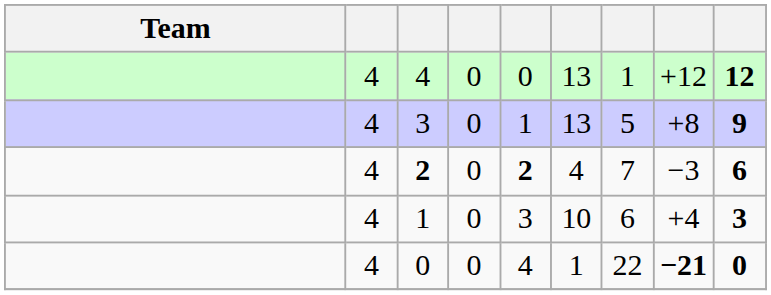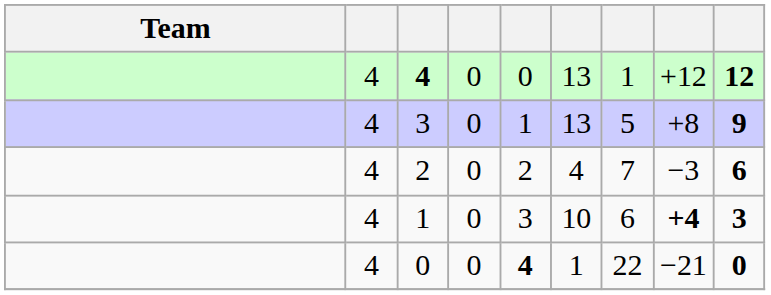 <table class="wikitable" style="text-align:center">
 <tr>
 <th width=175>Team</th>
 <th style="width:20px;" abbr="Played"></th>
 <th style="width:20px;" abbr="Won"></th>
 <th style="width:20px;" abbr="Drawn"></th>
 <th style="width:20px;" abbr="Lost"></th>
 <th style="width:20px;" abbr="Goals for"></th>
 <th style="width:20px;" abbr="Goals against"></th>
 <th style="width:20px;" abbr="Goal difference"></th>
 <th style="width:20px;" abbr="Points"></th>
 </tr>
 <tr bgcolor=ccffcc>
 <td align="left"></td>
 <td>4</td>
-<td>4</td>
+<td><strong>4</strong></td>
 <td>0</td>
 <td>0</td>
 <td>13</td>
 <td>1</td>
 <td>+12</td>
 <td><strong>12</strong></td>
 </tr>
 <tr bgcolor=ccccff>
 <td align="left"></td>
 <td>4</td>
 <td>3</td>
 <td>0</td>
 <td>1</td>
 <td>13</td>
 <td>5</td>
 <td>+8</td>
 <td><strong>9</strong></td>
 </tr>
 <tr bgcolor=>
 <td align="left"></td>
 <td>4</td>
-<td><strong>2</strong></td>
+<td>2</td>
 <td>0</td>
-<td><strong>2</strong></td>
+<td>2</td>
 <td>4</td>
 <td>7</td>
 <td>−3</td>
 <td><strong>6</strong></td>
 </tr>
 <tr bgcolor=>
 <td align="left"></td>
 <td>4</td>
 <td>1</td>
 <td>0</td>
 <td>3</td>
 <td>10</td>
 <td>6</td>
-<td>+4</td>
+<td><strong>+4</strong></td>
 <td><strong>3</strong></td>
 </tr>
 <tr bgcolor=>
 <td align="left"></td>
 <td>4</td>
 <td>0</td>
 <td>0</td>
-<td>4</td>
+<td><strong>4</strong></td>
 <td>1</td>
 <td>22</td>
-<td><strong>−21</strong></td>
+<td>−21</td>
 <td><strong>0</strong></td>
 </tr>
 <tr>
 </tr>
 </table>
